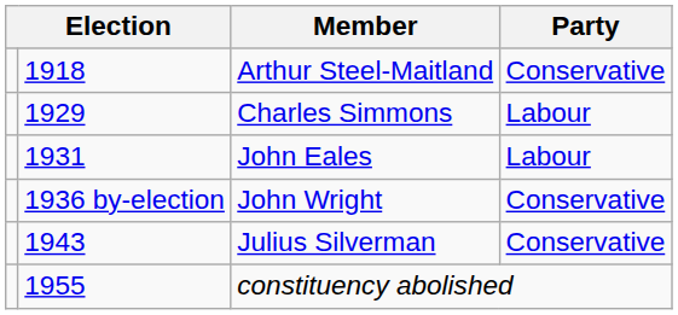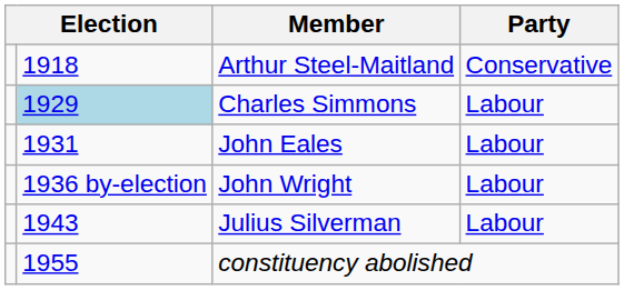 <table class="wikitable">
 <tr>
 <th colspan="2”">Election</th>
 <th>Member</th>
 <th>Party</th>
 </tr>
 <tr>
 <td style="color:inherit;background-color: "></td>
 <td><a href='#'>1918</a></td>
 <td><a href='#'>Arthur Steel-Maitland</a></td>
 <td><a href='#'>Conservative</a></td>
 </tr>
 <tr>
 <td style="color:inherit;background-color: "></td>
-<td><a href='#'>1929</a></td>
+<td style="background: lightblue;"><a href='#'>1929</a></td>
 <td><a href='#'>Charles Simmons</a></td>
 <td><a href='#'>Labour</a></td>
 </tr>
 <tr>
 <td style="color:inherit;background-color: "></td>
 <td><a href='#'>1931</a></td>
 <td><a href='#'>John Eales</a></td>
 <td><a href='#'>Labour</a></td>
 </tr>
 <tr>
 <td style="color:inherit;background-color: "></td>
 <td><a href='#'>1936 by-election</a></td>
 <td><a href='#'>John Wright</a></td>
-<td><a href='#'>Conservative</a></td>
+<td><a href='#'>Labour</a></td>
 </tr>
 <tr>
 <td style="color:inherit;background-color: "></td>
 <td><a href='#'>1943</a></td>
 <td><a href='#'>Julius Silverman</a></td>
-<td><a href='#'>Conservative</a></td>
+<td><a href='#'>Labour</a></td>
 </tr>
 <tr>
 <td></td>
 <td><a href='#'>1955</a></td>
 <td colspan="3"><em>constituency abolished</em></td>
 </tr>
 </table>
